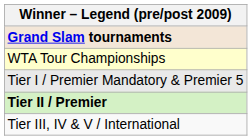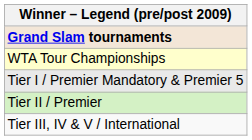 <table class=wikitable>
 <tr>
 <th>Winner – Legend (pre/post 2009)</th>
 </tr>
 <tr>
 <td bgcolor=#f3e6d7><strong><a href='#'>Grand Slam</a> tournaments</strong></td>
 </tr>
 <tr>
 <td bgcolor=#FFFFCC>WTA Tour Championships</td>
 </tr>
 <tr>
 <td bgcolor=#e9e9e9>Tier I / Premier Mandatory & Premier 5</td>
 </tr>
 <tr>
-<td bgcolor=#d4f1c5><strong>Tier II / Premier</strong></td>
+<td bgcolor=#d4f1c5>Tier II / Premier</td>
 </tr>
 <tr>
 <td>Tier III, IV & V / International</td>
 </tr>
 </table>
